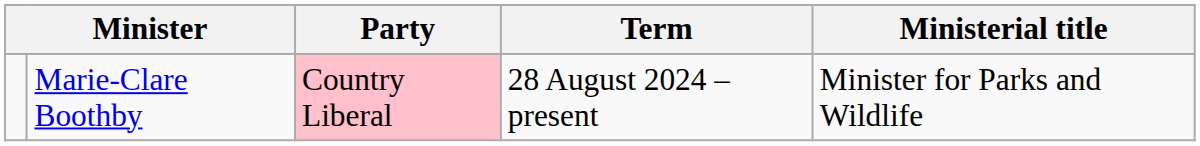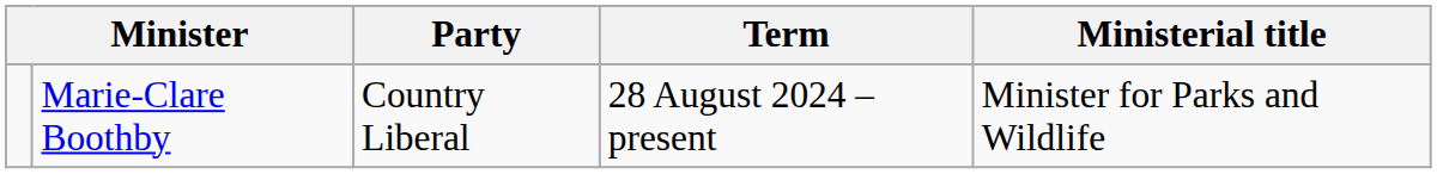 <table class="sortable wikitable">
 <tr>
 <th colspan=2>Minister</th>
 <th>Party</th>
 <th>Term</th>
 <th>Ministerial title</th>
 </tr>
 <tr>
 <td> </td>
 <td><a href='#'>Marie-Clare Boothby</a></td>
-<td style="background: pink;">Country Liberal</td>
+<td>Country Liberal</td>
 <td>28 August 2024 – present</td>
 <td>Minister for Parks and Wildlife</td>
 </tr>
 </table>
